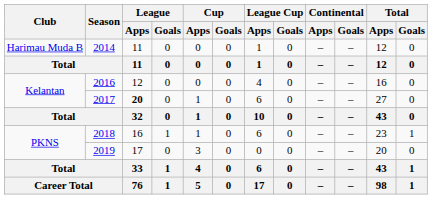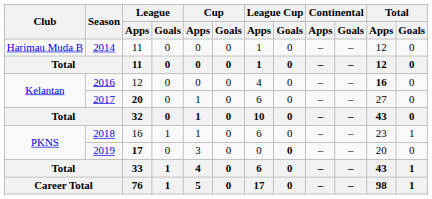 <table class="wikitable" style="text-align:center;">
 <tr>
 <th rowspan="2">Club</th>
 <th rowspan="2">Season</th>
 <th colspan="2">League</th>
 <th colspan="2">Cup</th>
 <th colspan="2">League Cup</th>
 <th colspan="2">Continental</th>
 <th colspan="2">Total</th>
 </tr>
 <tr>
 <th>Apps</th>
 <th>Goals</th>
 <th>Apps</th>
 <th>Goals</th>
 <th>Apps</th>
 <th>Goals</th>
 <th>Apps</th>
 <th>Goals</th>
 <th>Apps</th>
 <th>Goals</th>
 </tr>
 <tr>
 <td rowspan=1><a href='#'>Harimau Muda B</a></td>
 <td><a href='#'>2014</a></td>
 <td>11</td>
 <td>0</td>
 <td>0</td>
 <td>0</td>
 <td>1</td>
 <td>0</td>
 <td>–</td>
 <td>–</td>
 <td>12</td>
 <td>0</td>
 </tr>
 <tr>
 <th colspan="2">Total</th>
 <th>11</th>
 <th>0</th>
 <th>0</th>
 <th>0</th>
 <th>1</th>
 <th>0</th>
 <th>–</th>
 <th>–</th>
 <th>12</th>
 <th>0</th>
 </tr>
 <tr>
 <td rowspan=2><a href='#'>Kelantan</a></td>
 <td><a href='#'>2016</a></td>
 <td>12</td>
 <td>0</td>
 <td>0</td>
 <td>0</td>
 <td>4</td>
 <td>0</td>
 <td>–</td>
 <td>–</td>
-<td>16</td>
+<td><strong>16</strong></td>
 <td>0</td>
 </tr>
 <tr>
 <td><a href='#'>2017</a></td>
 <td><strong>20</strong></td>
 <td>0</td>
 <td>1</td>
 <td>0</td>
 <td>6</td>
 <td>0</td>
 <td>–</td>
 <td>–</td>
 <td>27</td>
 <td>0</td>
 </tr>
 <tr>
 <th colspan="2">Total</th>
 <th>32</th>
 <th>0</th>
 <th>1</th>
 <th>0</th>
 <th>10</th>
 <th>0</th>
 <th>–</th>
 <th>–</th>
 <th>43</th>
 <th>0</th>
 </tr>
 <tr>
 <td rowspan=2><a href='#'>PKNS</a></td>
 <td><a href='#'>2018</a></td>
 <td>16</td>
 <td>1</td>
 <td>1</td>
 <td>0</td>
 <td>6</td>
 <td>0</td>
 <td>–</td>
 <td>–</td>
 <td>23</td>
 <td>1</td>
 </tr>
 <tr>
 <td><a href='#'>2019</a></td>
-<td>17</td>
+<td><strong>17</strong></td>
 <td>0</td>
 <td>3</td>
 <td>0</td>
 <td>0</td>
-<td>0</td>
+<td><strong>0</strong></td>
 <td>–</td>
 <td>–</td>
 <td>20</td>
 <td>0</td>
 </tr>
 <tr>
 <th colspan="2">Total</th>
 <th>33</th>
 <th>1</th>
 <th>4</th>
 <th>0</th>
 <th>6</th>
 <th>0</th>
 <th>–</th>
 <th>–</th>
 <th>43</th>
 <th>1</th>
 </tr>
 <tr>
 <th colspan="2">Career Total</th>
 <th>76</th>
 <th>1</th>
 <th>5</th>
 <th>0</th>
 <th>17</th>
 <th>0</th>
 <th>–</th>
 <th>–</th>
 <th>98</th>
 <th>1</th>
 </tr>
 </table>
